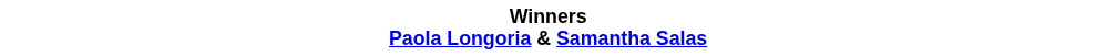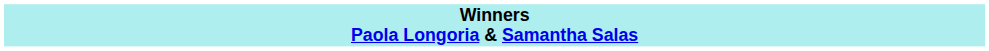 <table cellspacing=0 width=100%>
 <tr>
 <td align=center></td>
 </tr>
 <tr>
-<td align=center><strong>Winners<br><a href='#'>Paola Longoria</a> & <a href='#'>Samantha Salas</a></strong></td>
+<td align=center style="background: paleturquoise;"><strong>Winners<br><a href='#'>Paola Longoria</a> & <a href='#'>Samantha Salas</a></strong></td>
 </tr>
 </table>
